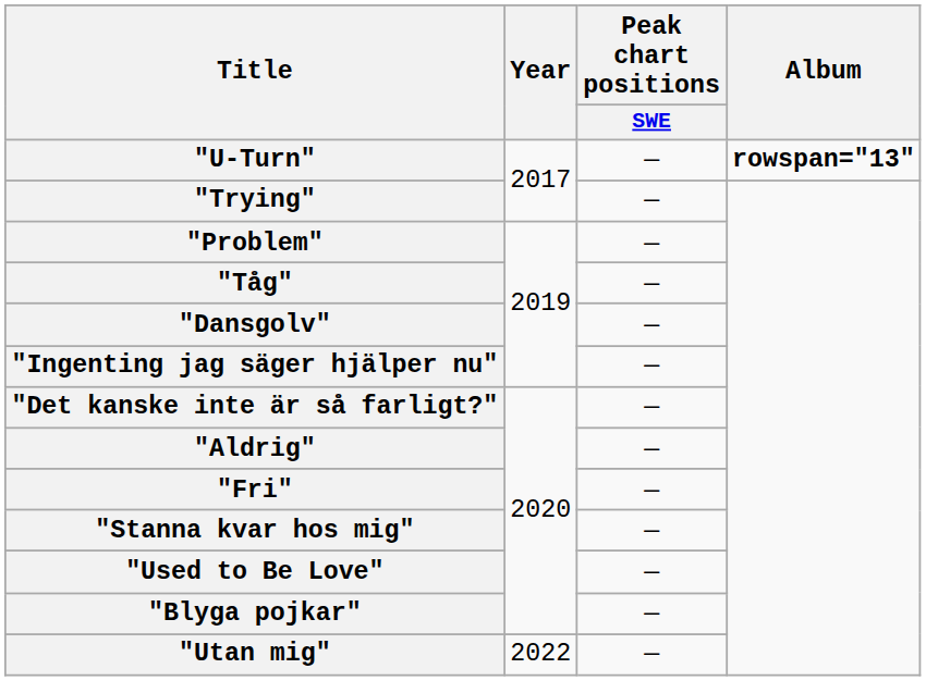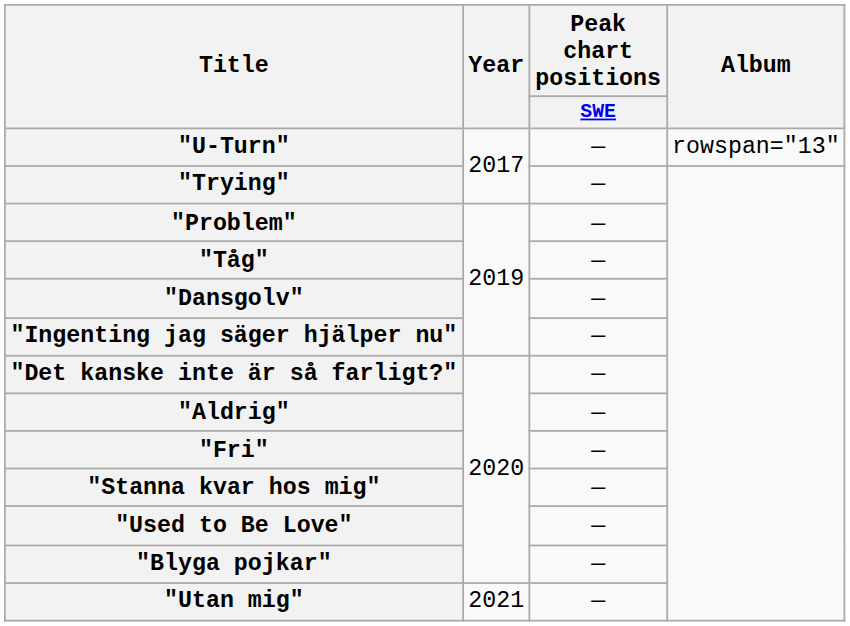 <table class="wikitable plainrowheaders" style="text-align:center;">
 <tr>
 <th scope="col" rowspan="2">Title</th>
 <th scope="col" rowspan="2">Year</th>
 <th scope="col" colspan="1">Peak chart positions</th>
 <th scope="col" rowspan="2">Album</th>
 </tr>
 <tr>
 <th scope="col" style="width:3em;font-size:85%;"><a href='#'>SWE</a></th>
 </tr>
 <tr>
 <th scope="row">"U-Turn"</th>
 <td rowspan="2">2017</td>
 <td>—</td>
-<td><strong>rowspan="13" </strong></td>
+<td>rowspan="13" </td>
 </tr>
 <tr>
 <th scope="row">"Trying"</th>
 <td>—</td>
 </tr>
 <tr>
 <th scope="row">"Problem"</th>
 <td rowspan="4">2019</td>
 <td>—</td>
 </tr>
 <tr>
 <th scope="row">"Tåg"</th>
 <td>—</td>
 </tr>
 <tr>
 <th scope="row">"Dansgolv"</th>
 <td>—</td>
 </tr>
 <tr>
 <th scope="row">"Ingenting jag säger hjälper nu"</th>
 <td>—</td>
 </tr>
 <tr>
 <th scope="row">"Det kanske inte är så farligt?"</th>
 <td rowspan="6">2020</td>
 <td>—</td>
 </tr>
 <tr>
 <th scope="row">"Aldrig"</th>
 <td>—</td>
 </tr>
 <tr>
 <th scope="row">"Fri"</th>
 <td>—</td>
 </tr>
 <tr>
 <th scope="row">"Stanna kvar hos mig"</th>
 <td>—</td>
 </tr>
 <tr>
 <th scope="row">"Used to Be Love"<br></th>
 <td>—</td>
 </tr>
 <tr>
 <th scope="row">"Blyga pojkar"</th>
 <td>—</td>
 </tr>
 <tr>
 <th scope="row">"Utan mig"<br></th>
-<td>2022</td>
+<td>2021</td>
 <td>—</td>
 </tr>
 </table>
